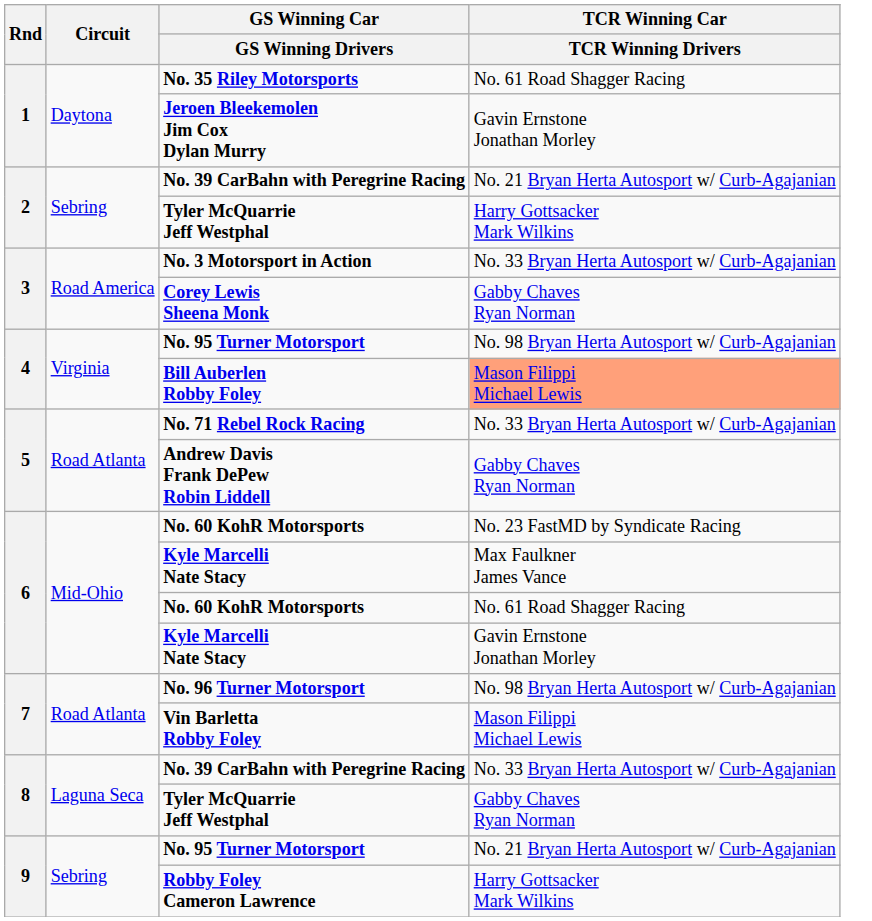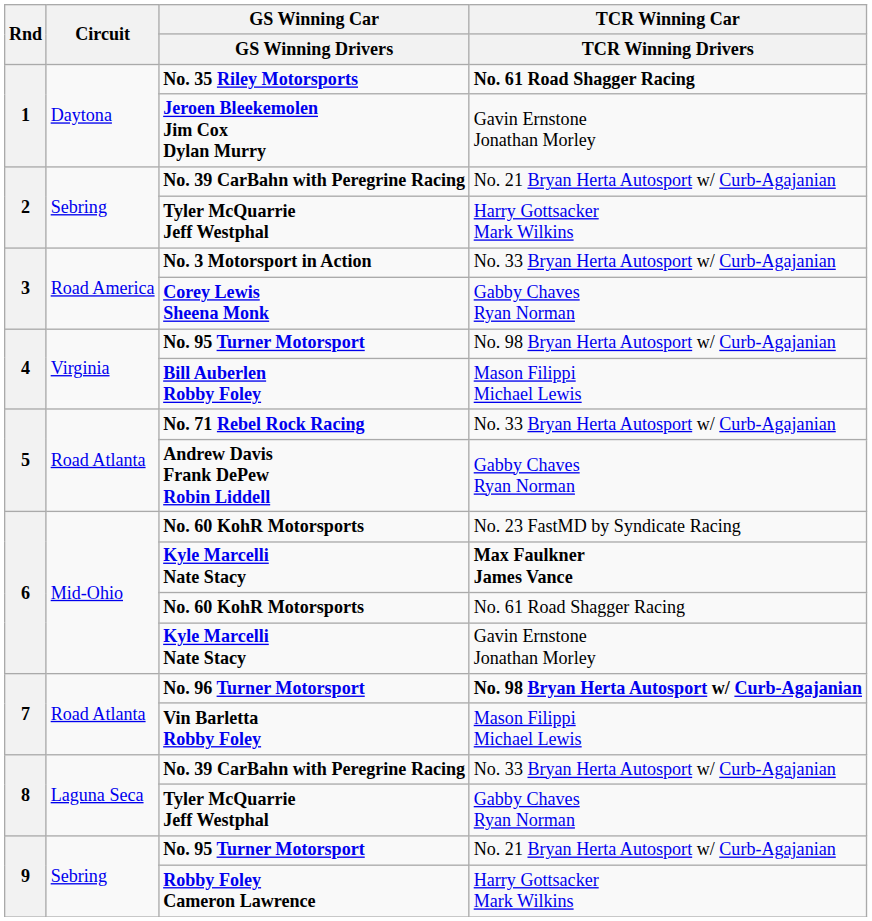 <table class="wikitable" style="font-size:85%;">
 <tr>
 <th rowspan=2>Rnd</th>
 <th rowspan=2>Circuit</th>
 <th>GS Winning Car</th>
 <th>TCR Winning Car</th>
 </tr>
 <tr>
 <th>GS Winning Drivers</th>
 <th>TCR Winning Drivers</th>
 </tr>
 <tr>
 <th rowspan=2>1</th>
 <td rowspan=2> <a href='#'>Daytona</a></td>
 <td><strong> No. 35 <a href='#'>Riley Motorsports</a></strong></td>
-<td> No. 61 Road Shagger Racing</td>
+<td><strong> No. 61 Road Shagger Racing</strong></td>
 </tr>
 <tr>
 <td><strong> <a href='#'>Jeroen Bleekemolen</a><br> Jim Cox<br> Dylan Murry</strong></td>
 <td> Gavin Ernstone<br> Jonathan Morley</td>
 </tr>
 <tr>
 <th rowspan=2>2</th>
 <td rowspan=2> <a href='#'>Sebring</a></td>
 <td><strong> No. 39 CarBahn with Peregrine Racing</strong></td>
 <td> No. 21 <a href='#'>Bryan Herta Autosport</a> w/ <a href='#'>Curb-Agajanian</a></td>
 </tr>
 <tr>
 <td><strong> Tyler McQuarrie<br> Jeff Westphal</strong></td>
 <td> <a href='#'>Harry Gottsacker</a><br> <a href='#'>Mark Wilkins</a></td>
 </tr>
 <tr>
 <th rowspan=2>3</th>
 <td rowspan=2> <a href='#'>Road America</a></td>
 <td><strong> No. 3 Motorsport in Action</strong></td>
 <td> No. 33 <a href='#'>Bryan Herta Autosport</a> w/ <a href='#'>Curb-Agajanian</a></td>
 </tr>
 <tr>
 <td><strong> <a href='#'>Corey Lewis</a><br> <a href='#'>Sheena Monk</a></strong></td>
 <td> <a href='#'>Gabby Chaves</a><br> <a href='#'>Ryan Norman</a></td>
 </tr>
 <tr>
 <th rowspan=2>4</th>
 <td rowspan=2> <a href='#'>Virginia</a></td>
 <td><strong> No. 95 <a href='#'>Turner Motorsport</a></strong></td>
 <td> No. 98 <a href='#'>Bryan Herta Autosport</a> w/ <a href='#'>Curb-Agajanian</a></td>
 </tr>
 <tr>
 <td><strong> <a href='#'>Bill Auberlen</a><br> <a href='#'>Robby Foley</a></strong></td>
-<td style="background: lightsalmon;"> <a href='#'>Mason Filippi</a><br> <a href='#'>Michael Lewis</a></td>
+<td> <a href='#'>Mason Filippi</a><br> <a href='#'>Michael Lewis</a></td>
 </tr>
 <tr>
 <th rowspan=2>5</th>
 <td rowspan=2> <a href='#'>Road Atlanta</a></td>
 <td><strong> No. 71 <a href='#'>Rebel Rock Racing</a></strong></td>
 <td> No. 33 <a href='#'>Bryan Herta Autosport</a> w/ <a href='#'>Curb-Agajanian</a></td>
 </tr>
 <tr>
 <td><strong> Andrew Davis<br> Frank DePew<br> <a href='#'>Robin Liddell</a></strong></td>
 <td> <a href='#'>Gabby Chaves</a><br> <a href='#'>Ryan Norman</a></td>
 </tr>
 <tr>
 <th rowspan=4>6</th>
 <td rowspan=4> <a href='#'>Mid-Ohio</a></td>
 <td><strong> No. 60 KohR Motorsports</strong></td>
 <td> No. 23 FastMD by Syndicate Racing</td>
 </tr>
 <tr>
 <td><strong> <a href='#'>Kyle Marcelli</a><br> Nate Stacy</strong></td>
-<td> Max Faulkner<br> James Vance</td>
+<td><strong> Max Faulkner<br> James Vance</strong></td>
 </tr>
 <tr>
 <td><strong> No. 60 KohR Motorsports</strong></td>
 <td> No. 61 Road Shagger Racing</td>
 </tr>
 <tr>
 <td><strong> <a href='#'>Kyle Marcelli</a><br> Nate Stacy</strong></td>
 <td> Gavin Ernstone<br> Jonathan Morley</td>
 </tr>
 <tr>
 <th rowspan=2>7</th>
 <td rowspan=2> <a href='#'>Road Atlanta</a></td>
 <td><strong> No. 96 <a href='#'>Turner Motorsport</a></strong></td>
-<td> No. 98 <a href='#'>Bryan Herta Autosport</a> w/ <a href='#'>Curb-Agajanian</a></td>
+<td><strong> No. 98 <a href='#'>Bryan Herta Autosport</a> w/ <a href='#'>Curb-Agajanian</a></strong></td>
 </tr>
 <tr>
 <td><strong> Vin Barletta<br> <a href='#'>Robby Foley</a></strong></td>
 <td> <a href='#'>Mason Filippi</a><br> <a href='#'>Michael Lewis</a></td>
 </tr>
 <tr>
 <th rowspan=2>8</th>
 <td rowspan=2> <a href='#'>Laguna Seca</a></td>
 <td><strong> No. 39 CarBahn with Peregrine Racing</strong></td>
 <td> No. 33 <a href='#'>Bryan Herta Autosport</a> w/ <a href='#'>Curb-Agajanian</a></td>
 </tr>
 <tr>
 <td><strong> Tyler McQuarrie<br> Jeff Westphal</strong></td>
 <td> <a href='#'>Gabby Chaves</a><br> <a href='#'>Ryan Norman</a></td>
 </tr>
 <tr>
 <th rowspan=2>9</th>
 <td rowspan=2> <a href='#'>Sebring</a></td>
 <td><strong> No. 95 <a href='#'>Turner Motorsport</a></strong></td>
 <td> No. 21 <a href='#'>Bryan Herta Autosport</a> w/ <a href='#'>Curb-Agajanian</a></td>
 </tr>
 <tr>
 <td><strong> <a href='#'>Robby Foley</a><br> Cameron Lawrence</strong></td>
 <td> <a href='#'>Harry Gottsacker</a><br> <a href='#'>Mark Wilkins</a></td>
 </tr>
 </table>
